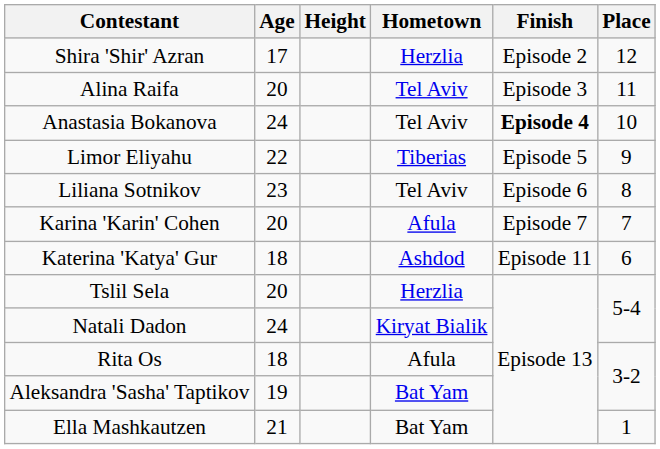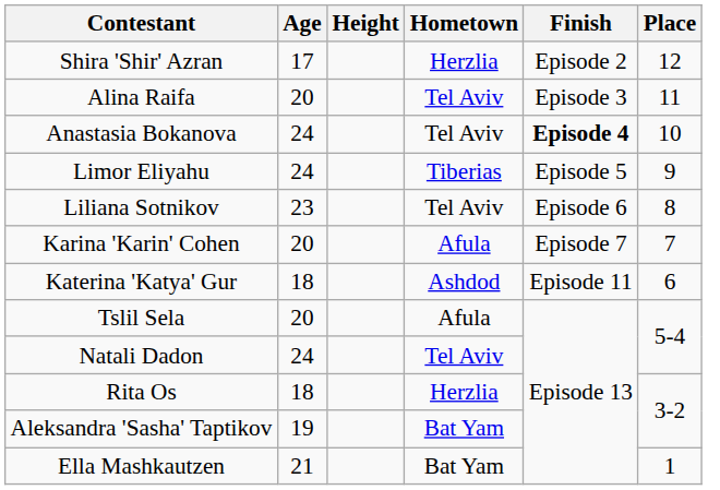 <table class="wikitable sortable" style="text-align:center;">
 <tr>
 <th>Contestant</th>
 <th>Age</th>
 <th>Height</th>
 <th>Hometown</th>
 <th>Finish</th>
 <th>Place</th>
 </tr>
 <tr>
 <td>Shira 'Shir' Azran</td>
 <td>17</td>
 <td></td>
 <td><a href='#'>Herzlia</a></td>
 <td>Episode 2</td>
 <td>12</td>
 </tr>
 <tr>
 <td>Alina Raifa</td>
 <td>20</td>
 <td></td>
 <td><a href='#'>Tel Aviv</a></td>
 <td>Episode 3</td>
 <td>11</td>
 </tr>
 <tr>
 <td>Anastasia Bokanova</td>
 <td>24</td>
 <td></td>
 <td>Tel Aviv</td>
 <td><strong>Episode 4</strong></td>
 <td>10</td>
 </tr>
 <tr>
 <td>Limor Eliyahu</td>
-<td>22</td>
+<td>24</td>
 <td></td>
 <td><a href='#'>Tiberias</a></td>
 <td>Episode 5</td>
 <td>9</td>
 </tr>
 <tr>
 <td>Liliana Sotnikov</td>
 <td>23</td>
 <td></td>
 <td>Tel Aviv</td>
 <td>Episode 6</td>
 <td>8</td>
 </tr>
 <tr>
 <td>Karina 'Karin' Cohen</td>
 <td>20</td>
 <td></td>
 <td><a href='#'>Afula</a></td>
 <td>Episode 7</td>
 <td>7</td>
 </tr>
 <tr>
 <td>Katerina 'Katya' Gur</td>
 <td>18</td>
 <td></td>
 <td><a href='#'>Ashdod</a></td>
 <td>Episode 11</td>
 <td>6</td>
 </tr>
 <tr>
 <td>Tslil Sela</td>
 <td>20</td>
 <td></td>
-<td><a href='#'>Herzlia</a></td>
+<td>Afula</td>
 <td rowspan="5">Episode 13</td>
 <td rowspan="2">5-4</td>
 </tr>
 <tr>
 <td>Natali Dadon</td>
 <td>24</td>
 <td></td>
-<td><a href='#'>Kiryat Bialik</a></td>
+<td><a href='#'>Tel Aviv</a></td>
 </tr>
 <tr>
 <td>Rita Os</td>
 <td>18</td>
 <td></td>
-<td>Afula</td>
+<td><a href='#'>Herzlia</a></td>
 <td rowspan=2>3-2</td>
 </tr>
 <tr>
 <td>Aleksandra 'Sasha' Taptikov</td>
 <td>19</td>
 <td></td>
 <td><a href='#'>Bat Yam</a></td>
 </tr>
 <tr>
 <td>Ella Mashkautzen</td>
 <td>21</td>
 <td></td>
 <td>Bat Yam</td>
 <td>1</td>
 </tr>
 </table>
